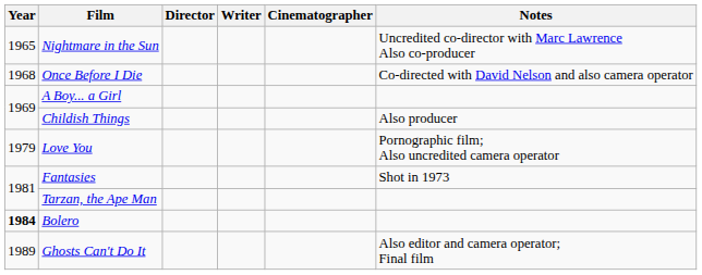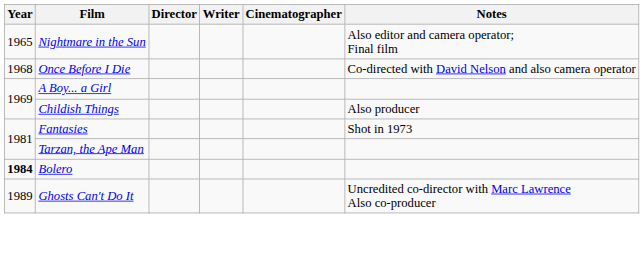 <table class="wikitable sortable">
 <tr>
 <th style="widt:26px;">Year</th>
 <th>Film</th>
 <th>Director</th>
 <th>Writer</th>
 <th>Cinematographer</th>
 <th>Notes</th>
 </tr>
 <tr>
 <td>1965</td>
 <td><em><a href='#'>Nightmare in the Sun</a></em></td>
 <td></td>
 <td></td>
 <td></td>
-<td>Uncredited co-director with <a href='#'>Marc Lawrence</a><br>Also co-producer</td>
+<td>Also editor and camera operator;<br>Final film</td>
 </tr>
 <tr>
 <td>1968</td>
 <td><em><a href='#'>Once Before I Die</a></em></td>
 <td></td>
 <td></td>
 <td></td>
 <td>Co-directed with <a href='#'>David Nelson</a> and also camera operator</td>
 </tr>
 <tr>
 <td rowspan="2">1969</td>
 <td><em><a href='#'>A Boy... a Girl</a></em></td>
 <td></td>
 <td></td>
 <td></td>
 <td></td>
 </tr>
 <tr>
 <td><em><a href='#'>Childish Things</a></em></td>
 <td></td>
 <td></td>
 <td></td>
 <td>Also producer</td>
-</tr>
-<tr>
-<td>1979</td>
-<td><em><a href='#'>Love You</a></em></td>
-<td></td>
-<td></td>
-<td></td>
-<td>Pornographic film;<br>Also uncredited camera operator</td>
 </tr>
 <tr>
 <td rowspan="2">1981</td>
 <td><em><a href='#'>Fantasies</a></em></td>
 <td></td>
 <td></td>
 <td></td>
 <td>Shot in 1973</td>
 </tr>
 <tr>
 <td><em><a href='#'>Tarzan, the Ape Man</a></em></td>
 <td></td>
 <td></td>
 <td></td>
 <td></td>
 </tr>
 <tr>
 <td><strong>1984</strong></td>
 <td><em><a href='#'>Bolero</a></em></td>
 <td></td>
 <td></td>
 <td></td>
 <td></td>
 </tr>
 <tr>
 <td>1989</td>
 <td><em><a href='#'>Ghosts Can't Do It</a></em></td>
 <td></td>
 <td></td>
 <td></td>
-<td>Also editor and camera operator;<br>Final film</td>
+<td>Uncredited co-director with <a href='#'>Marc Lawrence</a><br>Also co-producer</td>
 </tr>
 </table>
